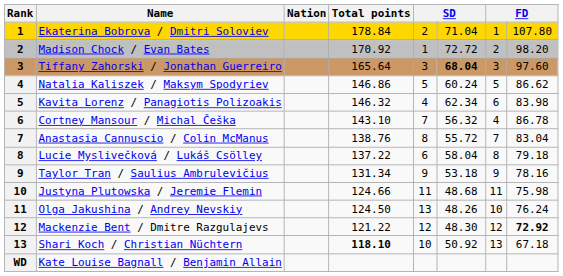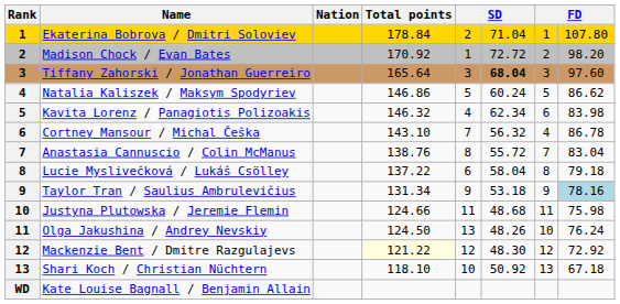 <table class="wikitable sortable">
 <tr>
 <th>Rank</th>
 <th>Name</th>
 <th>Nation</th>
 <th>Total points</th>
 <th colspan="2" width="80px"><a href='#'>SD</a></th>
 <th colspan="2" width="80px"><a href='#'>FD</a></th>
 </tr>
 <tr bgcolor="gold">
 <td align="center"><strong>1</strong></td>
 <td><a href='#'>Ekaterina Bobrova</a> / <a href='#'>Dmitri Soloviev</a></td>
 <td></td>
 <td align="center">178.84</td>
 <td align="center">2</td>
 <td align="center">71.04</td>
 <td align="center">1</td>
 <td align="center">107.80</td>
 </tr>
 <tr bgcolor="silver">
 <td align="center"><strong>2</strong></td>
 <td><a href='#'>Madison Chock</a> / <a href='#'>Evan Bates</a></td>
 <td></td>
 <td align="center">170.92</td>
 <td align="center">1</td>
 <td align="center">72.72</td>
 <td align="center">2</td>
 <td align="center">98.20</td>
 </tr>
 <tr bgcolor="cc9966">
 <td align="center"><strong>3</strong></td>
 <td><a href='#'>Tiffany Zahorski</a> / <a href='#'>Jonathan Guerreiro</a></td>
 <td></td>
 <td align="center">165.64</td>
 <td align="center">3</td>
 <td align="center"><strong>68.04</strong></td>
 <td align="center">3</td>
 <td align="center">97.60</td>
 </tr>
 <tr>
 <th>4</th>
 <td><a href='#'>Natalia Kaliszek</a> / <a href='#'>Maksym Spodyriev</a></td>
 <td></td>
 <td align="center">146.86</td>
 <td align="center">5</td>
 <td align="center">60.24</td>
 <td align="center">5</td>
 <td align="center">86.62</td>
 </tr>
 <tr>
 <th>5</th>
 <td><a href='#'>Kavita Lorenz</a> / <a href='#'>Panagiotis Polizoakis</a></td>
 <td></td>
 <td align="center">146.32</td>
 <td align="center">4</td>
 <td align="center">62.34</td>
 <td align="center">6</td>
 <td align="center">83.98</td>
 </tr>
 <tr>
 <th>6</th>
 <td><a href='#'>Cortney Mansour</a> / <a href='#'>Michal Češka</a></td>
 <td></td>
 <td align="center">143.10</td>
 <td align="center">7</td>
 <td align="center">56.32</td>
 <td align="center">4</td>
 <td align="center">86.78</td>
 </tr>
 <tr>
 <th>7</th>
 <td><a href='#'>Anastasia Cannuscio</a> / <a href='#'>Colin McManus</a></td>
 <td></td>
 <td align="center">138.76</td>
 <td align="center">8</td>
 <td align="center">55.72</td>
 <td align="center">7</td>
 <td align="center">83.04</td>
 </tr>
 <tr>
 <th>8</th>
 <td><a href='#'>Lucie Myslivečková</a> / <a href='#'>Lukáš Csölley</a></td>
 <td></td>
 <td align="center">137.22</td>
 <td align="center">6</td>
 <td align="center">58.04</td>
 <td align="center">8</td>
 <td align="center">79.18</td>
 </tr>
 <tr>
 <th>9</th>
 <td><a href='#'>Taylor Tran</a> / <a href='#'>Saulius Ambrulevičius</a></td>
 <td></td>
 <td align="center">131.34</td>
 <td align="center">9</td>
 <td align="center">53.18</td>
 <td align="center">9</td>
-<td align="center">78.16</td>
+<td align="center" style="background: lightblue;">78.16</td>
 </tr>
 <tr>
 <th>10</th>
 <td><a href='#'>Justyna Plutowska</a> / <a href='#'>Jeremie Flemin</a></td>
 <td></td>
 <td align="center">124.66</td>
 <td align="center">11</td>
 <td align="center">48.68</td>
 <td align="center">11</td>
 <td align="center">75.98</td>
 </tr>
 <tr>
 <th>11</th>
 <td><a href='#'>Olga Jakushina</a> / <a href='#'>Andrey Nevskiy</a></td>
 <td></td>
 <td align="center">124.50</td>
 <td align="center">13</td>
 <td align="center">48.26</td>
 <td align="center">10</td>
 <td align="center">76.24</td>
 </tr>
 <tr>
 <th>12</th>
 <td><a href='#'>Mackenzie Bent</a> / Dmitre Razgulajevs</td>
 <td></td>
-<td align="center">121.22</td>
+<td align="center" style="background: lightyellow;">121.22</td>
 <td align="center">12</td>
 <td align="center">48.30</td>
 <td align="center">12</td>
-<td align="center"><strong>72.92</strong></td>
+<td align="center">72.92</td>
 </tr>
 <tr>
 <th>13</th>
 <td><a href='#'>Shari Koch</a> / <a href='#'>Christian Nüchtern</a></td>
 <td></td>
-<td align="center"><strong>118.10</strong></td>
+<td align="center">118.10</td>
 <td align="center">10</td>
 <td align="center">50.92</td>
 <td align="center">13</td>
 <td align="center">67.18</td>
 </tr>
 <tr>
 <th>WD</th>
 <td><a href='#'>Kate Louise Bagnall</a> / <a href='#'>Benjamin Allain</a></td>
 <td></td>
 <td></td>
 <td></td>
 <td></td>
 <td></td>
 <td></td>
 </tr>
 </table>
